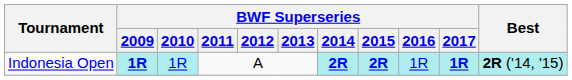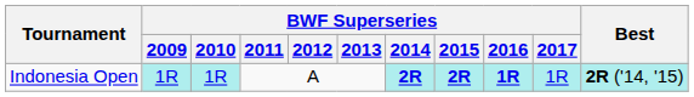 <table style='font-size: 90%; text-align:center;' class='wikitable'>
 <tr>
 <th rowspan="2">Tournament</th>
 <th colspan="9"><strong><a href='#'>BWF Superseries</a></strong></th>
 <th rowspan="2">Best</th>
 </tr>
 <tr>
 <th><a href='#'>2009</a></th>
 <th><a href='#'>2010</a></th>
 <th><a href='#'>2011</a></th>
 <th><a href='#'>2012</a></th>
 <th><a href='#'>2013</a></th>
 <th><a href='#'>2014</a></th>
 <th><a href='#'>2015</a></th>
 <th><a href='#'>2016</a></th>
 <th><a href='#'>2017</a></th>
 </tr>
 <tr>
 <td align=left><a href='#'>Indonesia Open</a></td>
-<td bgcolor=AFEEEE><strong><a href='#'>1R</a></strong></td>
+<td bgcolor=AFEEEE><a href='#'>1R</a></td>
 <td bgcolor=AFEEEE><a href='#'>1R</a></td>
 <td colspan="3">A</td>
 <td bgcolor=AFEEEE><a href='#'><strong>2R</strong></a></td>
 <td bgcolor=AFEEEE><a href='#'><strong>2R</strong></a></td>
+<td bgcolor=AFEEEE><strong><a href='#'>1R</a></strong></td>
 <td bgcolor=AFEEEE><a href='#'>1R</a></td>
-<td bgcolor=AFEEEE><strong><a href='#'>1R</a></strong></td>
 <td bgcolor=AFEEEE><strong>2R</strong> ('14, '15)</td>
 </tr>
 </table>
